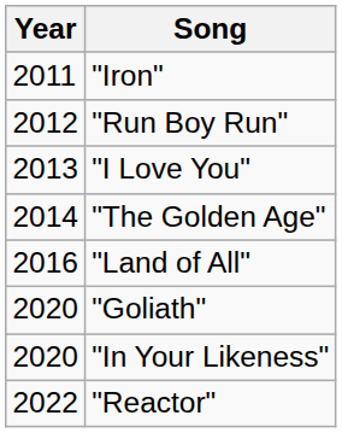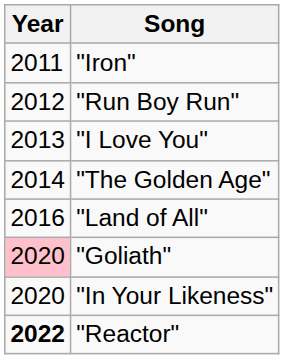 <table class="wikitable">
 <tr>
 <th align="centre">Year</th>
 <th align="left">Song</th>
 </tr>
 <tr>
 <td align="centre">2011</td>
 <td align="left">"Iron"</td>
 </tr>
 <tr>
 <td align="centre">2012</td>
 <td align="left">"Run Boy Run"</td>
 </tr>
 <tr>
 <td align="centre">2013</td>
 <td align="left">"I Love You"</td>
 </tr>
 <tr>
 <td align="centre">2014</td>
 <td align="left">"The Golden Age"</td>
 </tr>
 <tr>
 <td align="centre">2016</td>
 <td align="left">"Land of All"</td>
 </tr>
 <tr>
-<td align="centre">2020</td>
+<td align="centre" style="background: pink;">2020</td>
 <td align="left">"Goliath"</td>
 </tr>
 <tr>
 <td align="centre">2020</td>
 <td align="left">"In Your Likeness"</td>
 </tr>
 <tr>
-<td align="centre">2022</td>
+<td align="centre"><strong>2022</strong></td>
 <td align="left">"Reactor"</td>
 </tr>
 </table>
